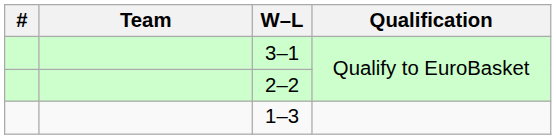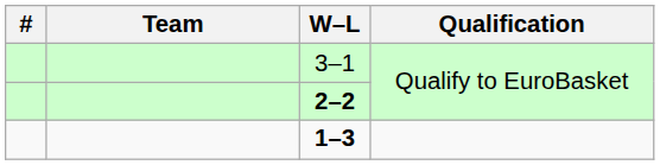 <table class=wikitable style="text-align:center;">
 <tr>
 <th width=20px>#</th>
 <th width=160px>Team</th>
 <th width=40px>W–L</th>
 <th width=180px>Qualification</th>
 </tr>
 <tr bgcolor=#CCFFCC>
 <td></td>
 <td align=left></td>
 <td>3–1</td>
 <td rowspan=2>Qualify to EuroBasket</td>
 </tr>
 <tr bgcolor=#CCFFCC>
 <td></td>
 <td align=left></td>
-<td>2–2</td>
+<td><strong>2–2</strong></td>
 </tr>
 <tr>
 <td></td>
 <td align=left></td>
-<td>1–3</td>
+<td><strong>1–3</strong></td>
 </tr>
 </table>
